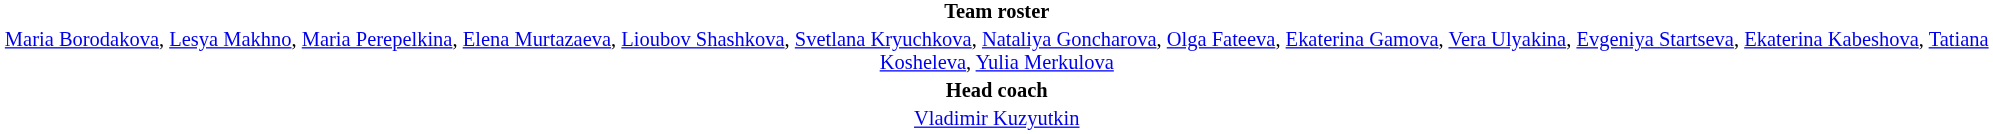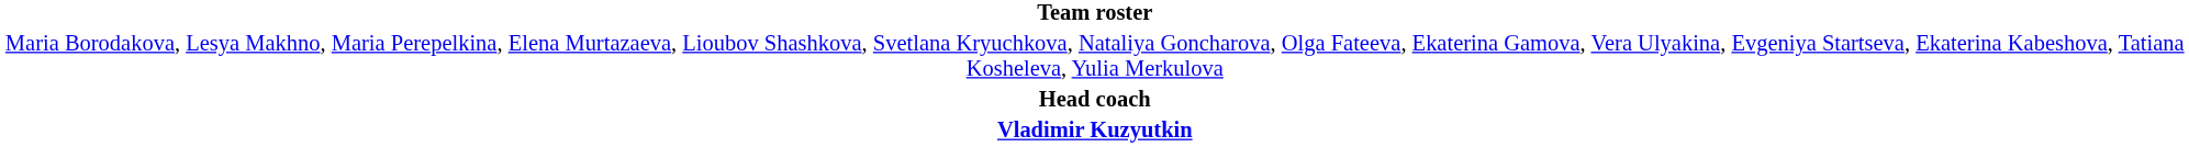 <table style="text-align:center; margin-top:2em; margin-left:auto; margin-right:auto">
 <tr>
 <td><strong>Team roster</strong></td>
 </tr>
 <tr>
 <td><a href='#'>Maria Borodakova</a>, <a href='#'>Lesya Makhno</a>, <a href='#'>Maria Perepelkina</a>, <a href='#'>Elena Murtazaeva</a>, <a href='#'>Lioubov Shashkova</a>, <a href='#'>Svetlana Kryuchkova</a>, <a href='#'>Nataliya Goncharova</a>, <a href='#'>Olga Fateeva</a>, <a href='#'>Ekaterina Gamova</a>, <a href='#'>Vera Ulyakina</a>, <a href='#'>Evgeniya Startseva</a>, <a href='#'>Ekaterina Kabeshova</a>, <a href='#'>Tatiana Kosheleva</a>, <a href='#'>Yulia Merkulova</a></td>
 </tr>
 <tr>
 <td><strong>Head coach</strong></td>
 </tr>
 <tr>
-<td><a href='#'>Vladimir Kuzyutkin</a></td>
+<td><strong><a href='#'>Vladimir Kuzyutkin</a></strong></td>
 </tr>
 <tr>
 </tr>
 </table>
